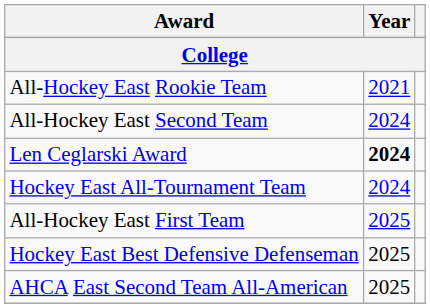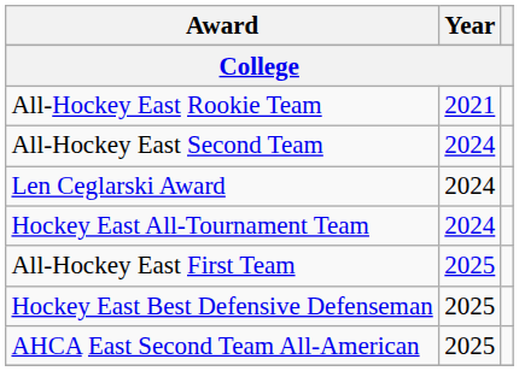 <table class="wikitable">
 <tr>
 <th>Award</th>
 <th>Year</th>
 <th></th>
 </tr>
 <tr ALIGN="center" bgcolor="#e0e0e0">
 </tr>
 <tr ALIGN="center" bgcolor="#e0e0e0">
 <th colspan="3"><a href='#'>College</a></th>
 </tr>
 <tr>
 <td>All-<a href='#'>Hockey East</a> <a href='#'>Rookie Team</a></td>
 <td><a href='#'>2021</a></td>
 <td></td>
 </tr>
 <tr>
 <td>All-Hockey East <a href='#'>Second Team</a></td>
 <td><a href='#'>2024</a></td>
 <td></td>
 </tr>
 <tr>
 <td><a href='#'>Len Ceglarski Award</a></td>
-<td><strong>2024</strong></td>
+<td>2024</td>
 <td></td>
 </tr>
 <tr>
 <td><a href='#'>Hockey East All-Tournament Team</a></td>
 <td><a href='#'>2024</a></td>
 <td></td>
 </tr>
 <tr>
 <td>All-Hockey East <a href='#'>First Team</a></td>
 <td><a href='#'>2025</a></td>
 <td></td>
 </tr>
 <tr>
 <td><a href='#'>Hockey East Best Defensive Defenseman</a></td>
 <td>2025</td>
 <td></td>
 </tr>
 <tr>
 <td><a href='#'>AHCA</a> <a href='#'>East Second Team All-American</a></td>
 <td>2025</td>
 <td></td>
 </tr>
 <tr>
 </tr>
 </table>
